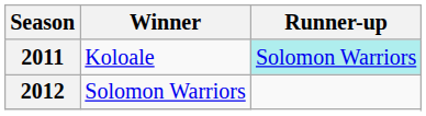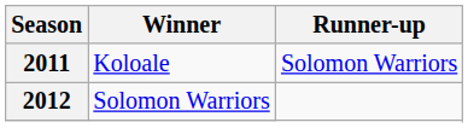 <table class="wikitable plainrowheaders sortable">
 <tr>
 <th scope="col">Season</th>
 <th scope="col">Winner</th>
 <th scope="col">Runner-up</th>
 </tr>
 <tr>
 <th scope="row">2011</th>
 <td><a href='#'>Koloale</a></td>
-<td style="background: paleturquoise;"><a href='#'>Solomon Warriors</a></td>
+<td><a href='#'>Solomon Warriors</a></td>
 </tr>
 <tr>
 <th scope="row">2012</th>
 <td><a href='#'>Solomon Warriors</a></td>
 </tr>
 <tr>
 </tr>
 </table>
